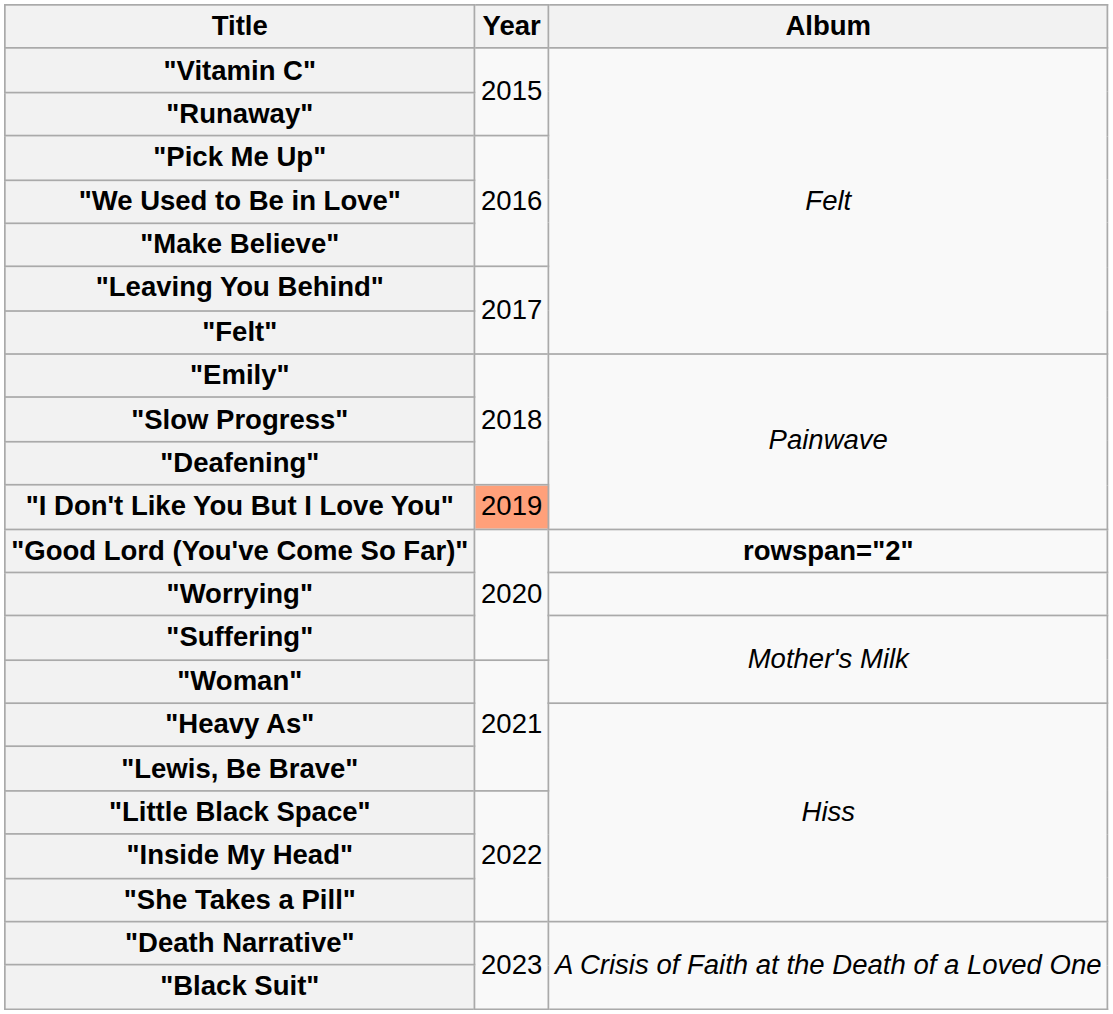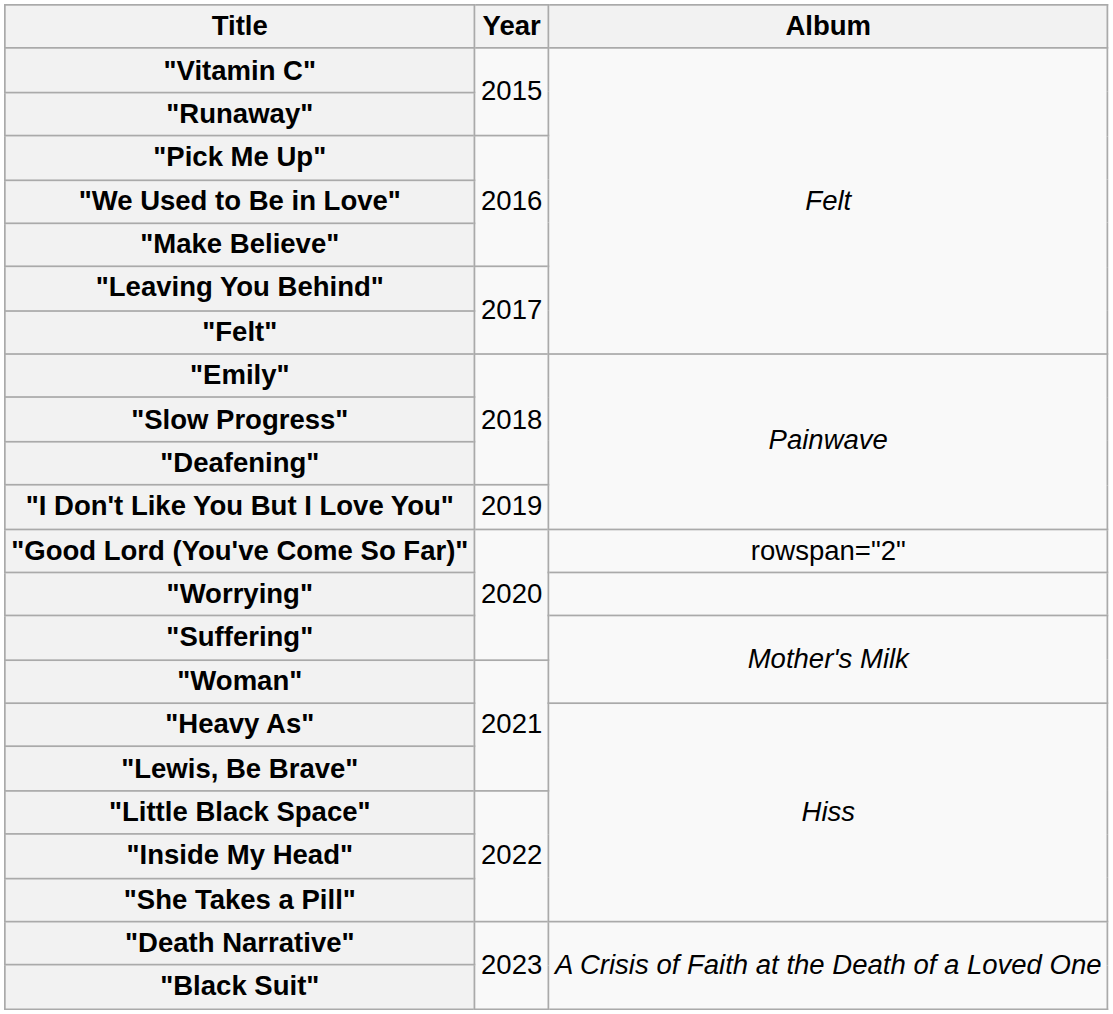 <table class="wikitable plainrowheaders" style="text-align:center;">
 <tr>
 <th scope="col">Title</th>
 <th scope="col">Year</th>
 <th scope="col">Album</th>
 </tr>
 <tr>
 <th scope="row">"Vitamin C"</th>
 <td rowspan="2">2015</td>
 <td rowspan="7"><em>Felt</em></td>
 </tr>
 <tr>
 <th scope="row">"Runaway"</th>
 </tr>
 <tr>
 <th scope="row">"Pick Me Up"</th>
 <td rowspan="3">2016</td>
 </tr>
 <tr>
 <th scope="row">"We Used to Be in Love"</th>
 </tr>
 <tr>
 <th scope="row">"Make Believe"</th>
 </tr>
 <tr>
 <th scope="row">"Leaving You Behind"</th>
 <td rowspan="2">2017</td>
 </tr>
 <tr>
 <th scope="row">"Felt"</th>
 </tr>
 <tr>
 <th scope="row">"Emily"</th>
 <td rowspan="3">2018</td>
 <td rowspan="4"><em>Painwave</em></td>
 </tr>
 <tr>
 <th scope="row">"Slow Progress"</th>
 </tr>
 <tr>
 <th scope="row">"Deafening"</th>
 </tr>
 <tr>
 <th scope="row">"I Don't Like You But I Love You"</th>
-<td style="background: lightsalmon;">2019</td>
+<td>2019</td>
 </tr>
 <tr>
 <th scope="row">"Good Lord (You've Come So Far)"</th>
 <td rowspan="3">2020</td>
-<td><strong>rowspan="2" </strong></td>
+<td>rowspan="2" </td>
 </tr>
 <tr>
 <th scope="row">"Worrying"</th>
 </tr>
 <tr>
 <th scope="row">"Suffering"</th>
 <td rowspan="2"><em>Mother's Milk</em></td>
 </tr>
 <tr>
 <th scope="row">"Woman"</th>
 <td rowspan="3">2021</td>
 </tr>
 <tr>
 <th scope="row">"Heavy As"</th>
 <td rowspan="5"><em>Hiss</em></td>
 </tr>
 <tr>
 <th scope="row">"Lewis, Be Brave"</th>
 </tr>
 <tr>
 <th scope="row">"Little Black Space"</th>
 <td rowspan="3">2022</td>
 </tr>
 <tr>
 <th scope="row">"Inside My Head"</th>
 </tr>
 <tr>
 <th scope="row">"She Takes a Pill"</th>
 </tr>
 <tr>
 <th scope="row">"Death Narrative"</th>
 <td rowspan="2">2023</td>
 <td rowspan="2"><em>A Crisis of Faith at the Death of a Loved One</em></td>
 </tr>
 <tr>
 <th scope="row">"Black Suit"</th>
 </tr>
 </table>
